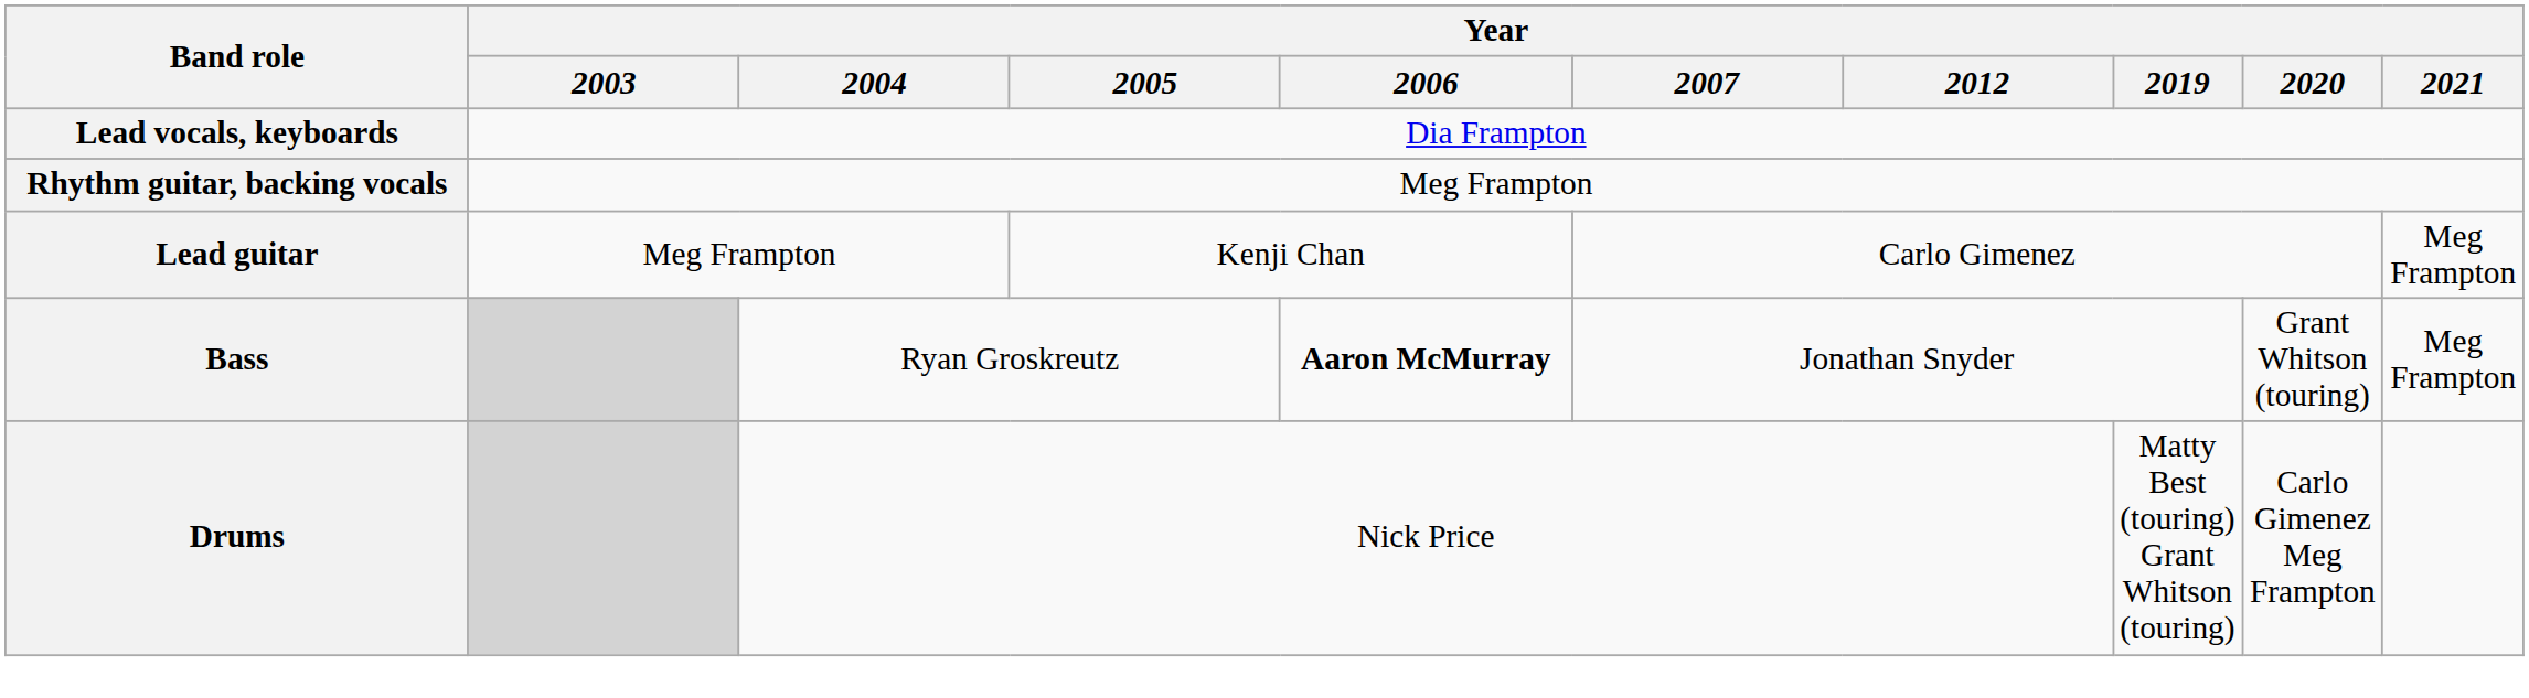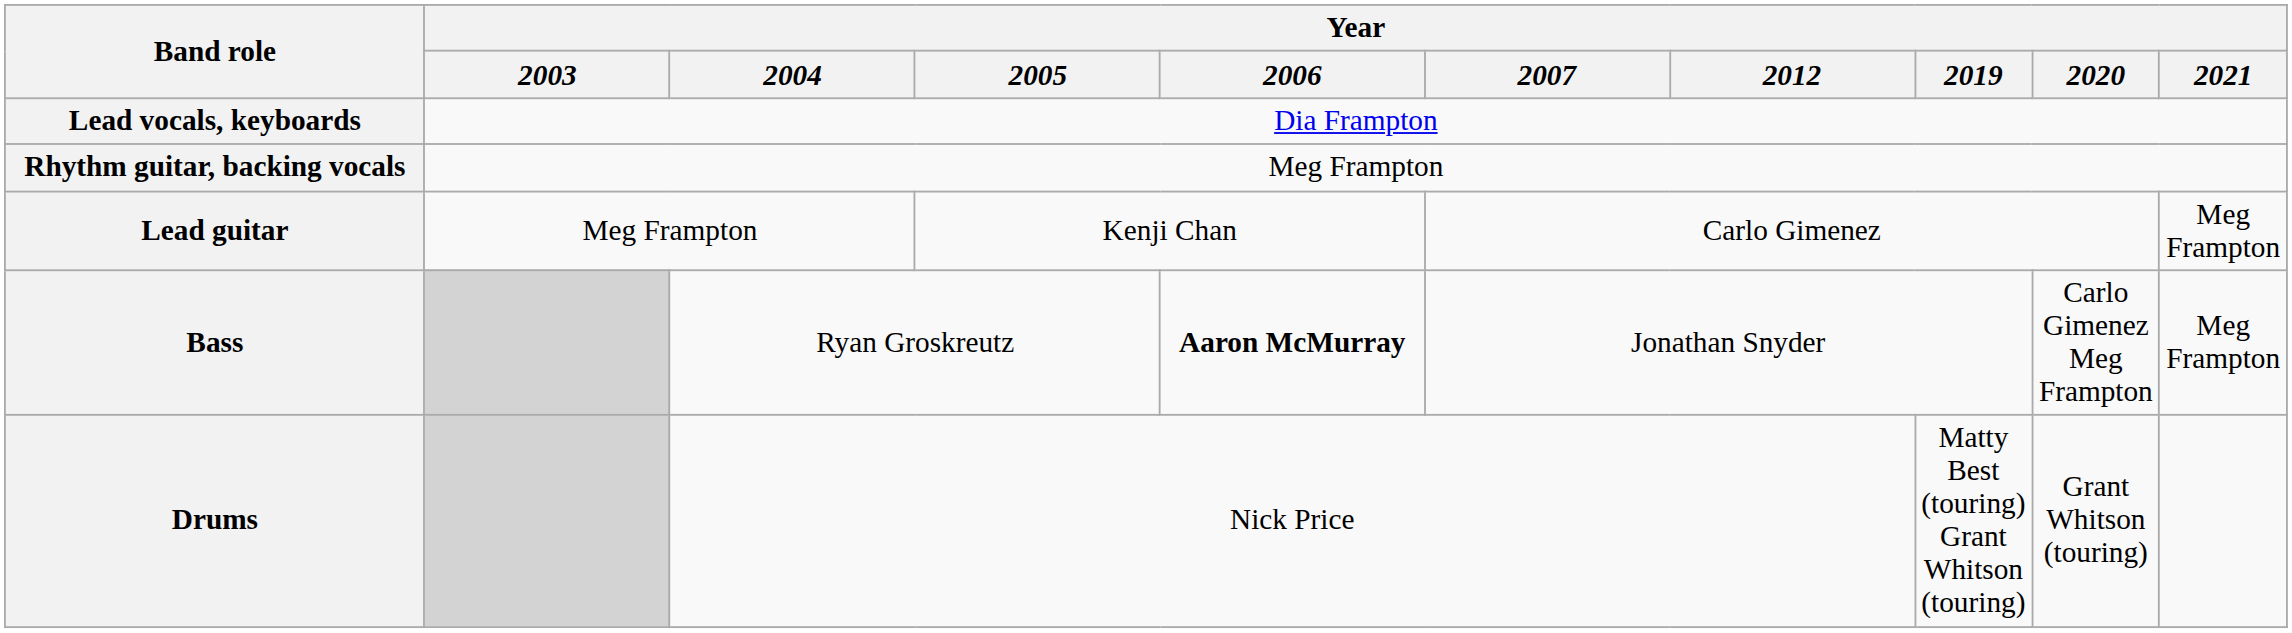 <table class="wikitable" style="text-align:center">
 <tr>
 <th rowspan="2" style="width:22%;">Band role</th>
 <th colspan="9" style="text-align:center;">Year</th>
 </tr>
 <tr>
 <th style="text-align:center; width:13%;"><em>2003</em></th>
 <th style="text-align:center; width:13%;"><em>2004</em></th>
 <th style="text-align:center; width:13%;"><em>2005</em></th>
 <th style="text-align:center; width:13%;"><em>2006</em></th>
 <th style="text-align:center; width:13%;"><em>2007</em></th>
 <th style="text-align:center; width:13%;"><em>2012</em></th>
 <th style="text-align:center; width:13%;"><em>2019</em></th>
 <th style="text-align:center; width:13%;"><em>2020</em></th>
 <th style="text-align:center; width:13%;"><em>2021</em></th>
 </tr>
 <tr>
 <th>Lead vocals, keyboards</th>
 <td colspan="9"><a href='#'>Dia Frampton</a></td>
 </tr>
 <tr>
 <th>Rhythm guitar, backing vocals</th>
 <td colspan="9">Meg Frampton</td>
 </tr>
 <tr>
 <th>Lead guitar</th>
 <td colspan="2">Meg Frampton</td>
 <td colspan="2">Kenji Chan</td>
 <td colspan="4">Carlo Gimenez</td>
 <td>Meg Frampton</td>
 </tr>
 <tr>
 <th>Bass</th>
 <td style="background:lightgrey;"> </td>
 <td colspan="2">Ryan Groskreutz</td>
 <td><strong>Aaron McMurray</strong></td>
 <td colspan="3">Jonathan Snyder</td>
-<td>Grant Whitson (touring)</td>
+<td>Carlo Gimenez<br>Meg Frampton</td>
 <td>Meg Frampton</td>
 </tr>
 <tr>
 <th>Drums</th>
 <td style="background:lightgrey;"> </td>
 <td colspan="5">Nick Price</td>
 <td>Matty Best (touring)<br>Grant Whitson (touring)</td>
-<td>Carlo Gimenez<br>Meg Frampton</td>
+<td>Grant Whitson (touring)</td>
 </tr>
 </table>
